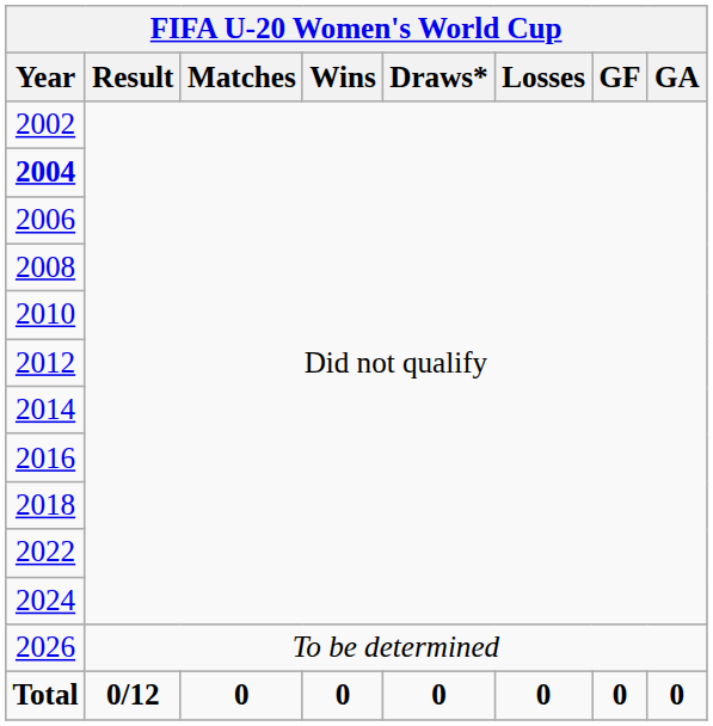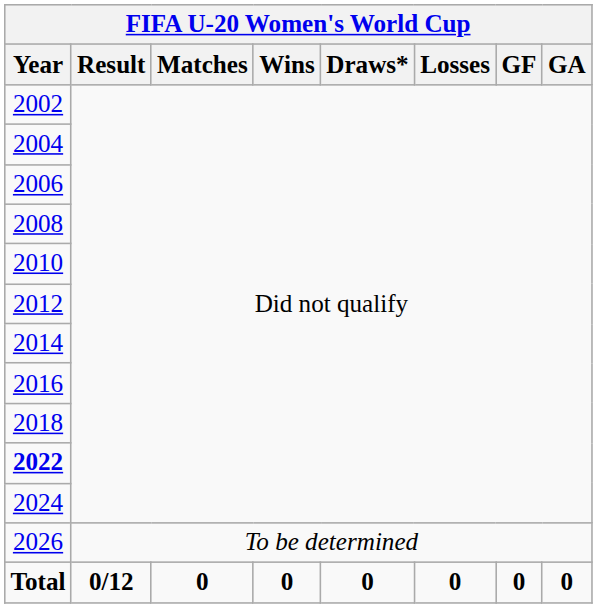 <table class="wikitable" style="text-align: center;">
 <tr>
 <th colspan=10><a href='#'>FIFA U-20 Women's World Cup</a></th>
 </tr>
 <tr>
 <th>Year</th>
 <th>Result</th>
 <th>Matches</th>
 <th>Wins</th>
 <th>Draws*</th>
 <th>Losses</th>
 <th>GF</th>
 <th>GA</th>
 </tr>
 <tr>
 <td> <a href='#'>2002</a></td>
 <td rowspan=11 colspan=7>Did not qualify</td>
 </tr>
 <tr>
-<td><strong> <a href='#'>2004</a></strong></td>
+<td> <a href='#'>2004</a></td>
 </tr>
 <tr>
 <td> <a href='#'>2006</a></td>
 </tr>
 <tr>
 <td> <a href='#'>2008</a></td>
 </tr>
 <tr>
 <td> <a href='#'>2010</a></td>
 </tr>
 <tr>
 <td> <a href='#'>2012</a></td>
 </tr>
 <tr>
 <td> <a href='#'>2014</a></td>
 </tr>
 <tr>
 <td> <a href='#'>2016</a></td>
 </tr>
 <tr>
 <td> <a href='#'>2018</a></td>
 </tr>
 <tr>
-<td> <a href='#'>2022</a></td>
+<td><strong> <a href='#'>2022</a></strong></td>
 </tr>
 <tr>
 <td> <a href='#'>2024</a></td>
 </tr>
 <tr>
 <td> <a href='#'>2026</a></td>
 <td colspan=7><em>To be determined</em></td>
 </tr>
 <tr>
 <td><strong>Total</strong></td>
 <td><strong>0/12</strong></td>
 <td><strong>0</strong></td>
 <td><strong>0</strong></td>
 <td><strong>0</strong></td>
 <td><strong>0</strong></td>
 <td><strong>0</strong></td>
 <td><strong>0</strong></td>
 </tr>
 </table>
